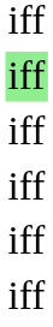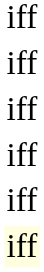 <table>
 <tr>
 <td></td>
 <td>iff</td>
-<td></td>
-</tr>
-<tr>
-<td></td>
-<td style="background: lightgreen;">iff</td>
 <td></td>
 </tr>
 <tr>
 <td></td>
 <td>iff</td>
 <td></td>
 </tr>
 <tr>
 <td></td>
 <td>iff</td>
 <td></td>
 </tr>
 <tr>
 <td></td>
 <td>iff</td>
 <td></td>
 </tr>
 <tr>
 <td></td>
 <td>iff</td>
 <td></td>
 </tr>
+<tr>
+<td></td>
+<td style="background: lightyellow;">iff</td>
+<td></td>
+</tr>
 </table>
